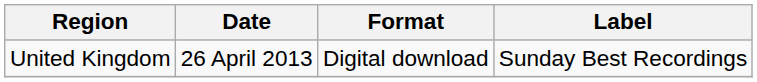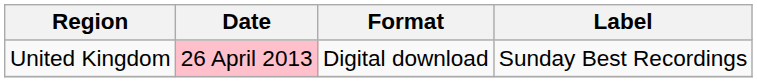 <table class=wikitable>
 <tr>
 <th>Region</th>
 <th>Date</th>
 <th>Format</th>
 <th>Label</th>
 </tr>
 <tr>
 <td>United Kingdom</td>
-<td>26 April 2013</td>
+<td style="background: pink;">26 April 2013</td>
 <td>Digital download</td>
 <td>Sunday Best Recordings</td>
 </tr>
 <tr>
 </tr>
 </table>
